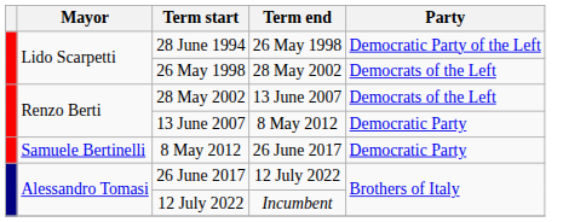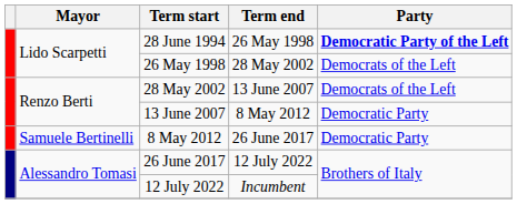 <table class="wikitable">
 <tr>
 <th class=unsortable> </th>
 <th>Mayor</th>
 <th>Term start</th>
 <th>Term end</th>
 <th>Party</th>
 </tr>
 <tr>
 <th rowspan=2 style="background:#FF0000;"></th>
 <td rowspan=2>Lido Scarpetti</td>
 <td align=center>28 June 1994</td>
 <td align=center>26 May 1998</td>
-<td><a href='#'>Democratic Party of the Left</a></td>
+<td><strong><a href='#'>Democratic Party of the Left</a></strong></td>
 </tr>
 <tr>
 <td align=center>26 May 1998</td>
 <td align=center>28 May 2002</td>
 <td><a href='#'>Democrats of the Left</a></td>
 </tr>
 <tr>
 <th rowspan=2 style="background:#FF0000;"></th>
 <td rowspan=2>Renzo Berti</td>
 <td align=center>28 May 2002</td>
 <td align=center>13 June 2007</td>
 <td><a href='#'>Democrats of the Left</a></td>
 </tr>
 <tr>
 <td align=center>13 June 2007</td>
 <td align=center>8 May 2012</td>
 <td><a href='#'>Democratic Party</a></td>
 </tr>
 <tr>
 <th style="background:#FF0000;"></th>
 <td><a href='#'>Samuele Bertinelli</a></td>
 <td align=center>8 May 2012</td>
 <td align=center>26 June 2017</td>
 <td><a href='#'>Democratic Party</a></td>
 </tr>
 <tr>
 <th rowspan=2 style="background:#000080;"></th>
 <td rowspan=2><a href='#'>Alessandro Tomasi</a></td>
 <td align=center>26 June 2017</td>
 <td align=center>12 July 2022</td>
 <td rowspan=2><a href='#'>Brothers of Italy</a></td>
 </tr>
 <tr>
 <td align=center>12 July 2022</td>
 <td align=center><em>Incumbent</em></td>
 </tr>
 <tr>
 </tr>
 </table>
